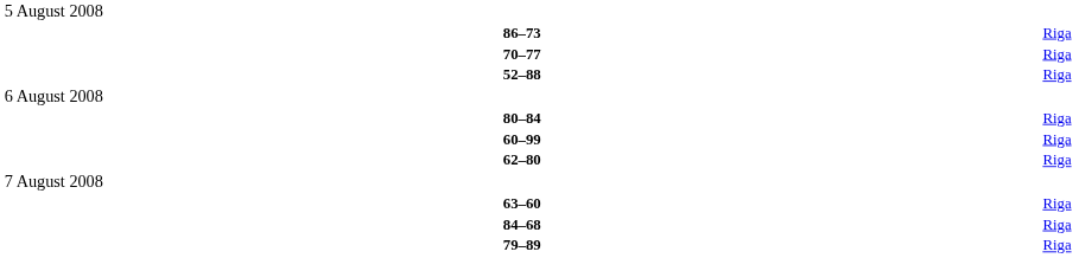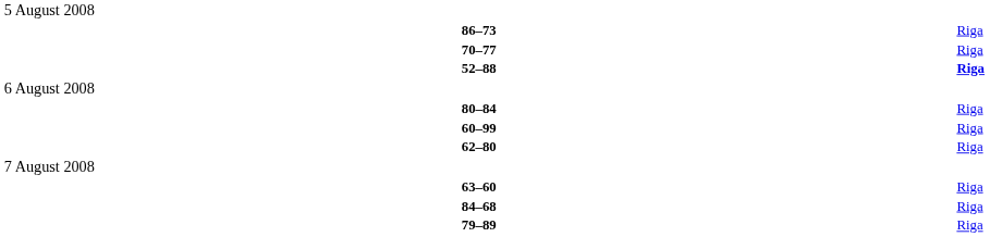 <table style="width:100%;" cellspacing="1">
 <tr>
 <th width=25%></th>
 <th width=3%></th>
 <th width=6%></th>
 <th width=3%></th>
 <th width=25%></th>
 </tr>
 <tr>
 <td>5 August 2008</td>
 </tr>
 <tr style=font-size:90%>
 <td align=right><strong></strong></td>
 <td></td>
 <td align=center><strong>86–73</strong></td>
 <td></td>
 <td><strong></strong></td>
 <td><a href='#'>Riga</a></td>
 </tr>
 <tr style=font-size:90%>
 <td align=right><strong></strong></td>
 <td></td>
 <td align=center><strong>70–77</strong></td>
 <td></td>
 <td><strong></strong></td>
 <td><a href='#'>Riga</a></td>
 </tr>
 <tr style=font-size:90%>
 <td align=right><strong></strong></td>
 <td></td>
 <td align=center><strong>52–88</strong></td>
 <td></td>
 <td><strong></strong></td>
-<td><a href='#'>Riga</a></td>
+<td><strong><a href='#'>Riga</a></strong></td>
 </tr>
 <tr>
 <td>6 August 2008</td>
 </tr>
 <tr style=font-size:90%>
 <td align=right><strong></strong></td>
 <td></td>
 <td align=center><strong>80–84</strong></td>
 <td></td>
 <td><strong></strong></td>
 <td><a href='#'>Riga</a></td>
 </tr>
 <tr style=font-size:90%>
 <td align=right><strong></strong></td>
 <td></td>
 <td align=center><strong>60–99</strong></td>
 <td></td>
 <td><strong></strong></td>
 <td><a href='#'>Riga</a></td>
 </tr>
 <tr style=font-size:90%>
 <td align=right><strong></strong></td>
 <td></td>
 <td align=center><strong>62–80</strong></td>
 <td></td>
 <td><strong></strong></td>
 <td><a href='#'>Riga</a></td>
 </tr>
 <tr>
 <td>7 August 2008</td>
 </tr>
 <tr style=font-size:90%>
 <td align=right><strong></strong></td>
 <td></td>
 <td align=center><strong>63–60</strong></td>
 <td></td>
 <td><strong></strong></td>
 <td><a href='#'>Riga</a></td>
 </tr>
 <tr style=font-size:90%>
 <td align=right><strong></strong></td>
 <td></td>
 <td align=center><strong>84–68</strong></td>
 <td></td>
 <td><strong></strong></td>
 <td><a href='#'>Riga</a></td>
 </tr>
 <tr style=font-size:90%>
 <td align=right><strong></strong></td>
 <td></td>
 <td align=center><strong>79–89</strong></td>
 <td></td>
 <td><strong></strong></td>
 <td><a href='#'>Riga</a></td>
 </tr>
 </table>
